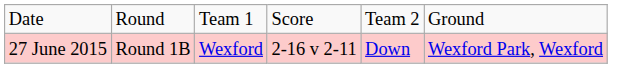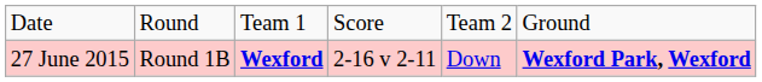 <table class="wikitable">
 <tr>
 <td>Date</td>
 <td>Round</td>
 <td>Team 1</td>
 <td>Score</td>
 <td>Team 2</td>
 <td>Ground</td>
 </tr>
 <tr style="background:#fdcbcb;">
 <td>27 June 2015</td>
 <td>Round 1B</td>
-<td><a href='#'>Wexford</a></td>
+<td><strong><a href='#'>Wexford</a></strong></td>
 <td>2-16 v 2-11</td>
 <td><a href='#'>Down</a></td>
-<td><a href='#'>Wexford Park</a>, <a href='#'>Wexford</a></td>
+<td><strong><a href='#'>Wexford Park</a>, <a href='#'>Wexford</a></strong></td>
 </tr>
 </table>
